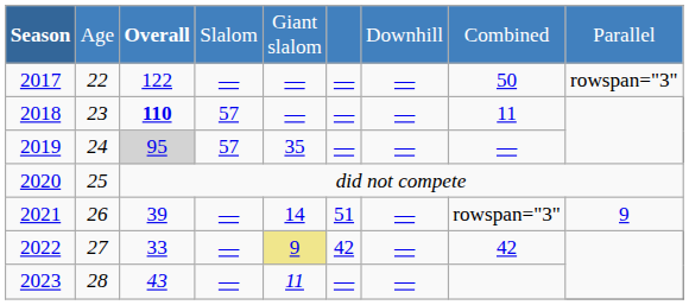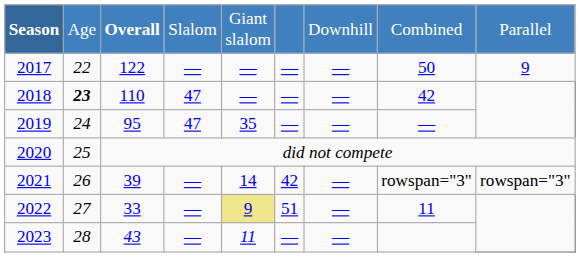 <table class="wikitable"  style="font-size:95%; text-align:center; border:gray solid 1px; width:40%;">
 <tr style="background:#369; color:white;">
 <td rowspan="2" style="width:6%;"><strong>Season</strong></td>
 </tr>
 <tr style="background:#4180be; color:white;">
 <td style="width:3%;">Age</td>
 <td style="width:5%;"><strong>Overall</strong></td>
 <td style="width:5%;">Slalom</td>
 <td style="width:5%;">Giant<br>slalom</td>
 <td style="width:5%;"></td>
 <td style="width:5%;">Downhill</td>
 <td style="width:5%;">Combined</td>
 <td style="width:5%;">Parallel</td>
 </tr>
 <tr>
 <td><a href='#'>2017</a></td>
 <td><em>22</em></td>
 <td><a href='#'>122</a></td>
 <td><a href='#'>—</a></td>
 <td><a href='#'>—</a></td>
 <td><a href='#'>—</a></td>
 <td><a href='#'>—</a></td>
 <td><a href='#'>50</a></td>
-<td>rowspan="3" </td>
+<td><a href='#'>9</a></td>
 </tr>
 <tr>
 <td><a href='#'>2018</a></td>
-<td><em>23</em></td>
-<td><strong><a href='#'>110</a></strong></td>
-<td><a href='#'>57</a></td>
+<td><strong><em>23</em></strong></td>
+<td><a href='#'>110</a></td>
+<td><a href='#'>47</a></td>
 <td><a href='#'>—</a></td>
 <td><a href='#'>—</a></td>
 <td><a href='#'>—</a></td>
-<td><a href='#'>11</a></td>
+<td><a href='#'>42</a></td>
 </tr>
 <tr>
 <td><a href='#'>2019</a></td>
 <td><em>24</em></td>
-<td style="background: lightgrey;"><a href='#'>95</a></td>
-<td><a href='#'>57</a></td>
+<td><a href='#'>95</a></td>
+<td><a href='#'>47</a></td>
 <td><a href='#'>35</a></td>
 <td><a href='#'>—</a></td>
 <td><a href='#'>—</a></td>
 <td><a href='#'>—</a></td>
 </tr>
 <tr>
 <td><a href='#'>2020</a></td>
 <td><em>25</em></td>
 <td colspan=7 rowspan=1><em>did not compete</em></td>
 </tr>
 <tr>
 <td><a href='#'>2021</a></td>
 <td><em>26</em></td>
 <td><a href='#'>39</a></td>
 <td><a href='#'>—</a></td>
 <td><a href='#'>14</a></td>
-<td><a href='#'>51</a></td>
+<td><a href='#'>42</a></td>
 <td><a href='#'>—</a></td>
 <td>rowspan="3" </td>
-<td><a href='#'>9</a></td>
+<td>rowspan="3" </td>
 </tr>
 <tr>
 <td><a href='#'>2022</a></td>
 <td><em>27</em></td>
 <td><a href='#'>33</a></td>
 <td><a href='#'>—</a></td>
 <td style="background: khaki;"><a href='#'>9</a></td>
-<td><a href='#'>42</a></td>
+<td><a href='#'>51</a></td>
 <td><a href='#'>—</a></td>
-<td><a href='#'>42</a></td>
+<td><a href='#'>11</a></td>
 </tr>
 <tr>
 <td><a href='#'>2023</a></td>
 <td><em>28</em></td>
 <td><em><a href='#'>43</a></em></td>
 <td><a href='#'>—</a></td>
 <td><em><a href='#'>11</a></em></td>
 <td><a href='#'>—</a></td>
 <td><a href='#'>—</a></td>
 <td></td>
 </tr>
 </table>
